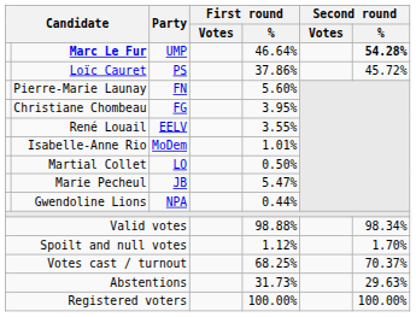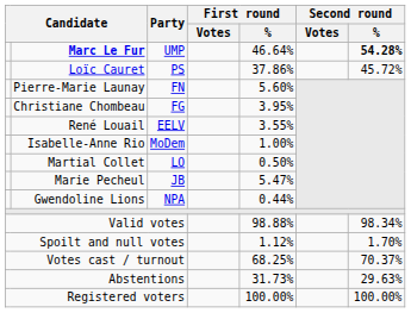 <table class="wikitable" style="text-align:right;font-size:95%;">
 <tr>
 <th rowspan=2 colspan=2>Candidate</th>
 <th rowspan=2 colspan=1>Party</th>
 <th colspan=2>First round</th>
 <th colspan=2>Second round</th>
 </tr>
 <tr>
 <th style="width:50px;">Votes</th>
 <th style="width:55px;">%</th>
 <th style="width:50px;">Votes</th>
 <th style="width:55px;">%</th>
 </tr>
 <tr>
 <td style="color:inherit;background-color:"></td>
 <td><strong><a href='#'>Marc Le Fur</a></strong></td>
 <td><a href='#'>UMP</a></td>
 <td></td>
 <td>46.64%</td>
 <td><strong></strong></td>
 <td><strong>54.28%</strong></td>
 </tr>
 <tr>
 <td style="color:inherit;background-color:"></td>
 <td><a href='#'>Loïc Cauret</a></td>
 <td><a href='#'>PS</a></td>
 <td></td>
 <td>37.86%</td>
 <td></td>
 <td>45.72%</td>
 </tr>
 <tr>
 <td style="color:inherit;background-color:"></td>
 <td>Pierre-Marie Launay</td>
 <td><a href='#'>FN</a></td>
 <td></td>
 <td>5.60%</td>
 <td colspan=7 rowspan=7 style="background-color:#E9E9E9;"></td>
 </tr>
 <tr>
 <td style="color:inherit;background-color:"></td>
 <td>Christiane Chombeau</td>
 <td><a href='#'>FG</a></td>
 <td></td>
 <td>3.95%</td>
 </tr>
 <tr>
 <td style="color:inherit;background-color:"></td>
 <td>René Louail</td>
 <td><a href='#'>EELV</a></td>
 <td></td>
 <td>3.55%</td>
 </tr>
 <tr>
 <td style="color:inherit;background-color:"></td>
 <td>Isabelle-Anne Rio</td>
 <td><a href='#'>MoDem</a></td>
 <td></td>
-<td>1.01%</td>
+<td>1.00%</td>
 </tr>
 <tr>
 <td style="color:inherit;background-color:"></td>
 <td>Martial Collet</td>
 <td><a href='#'>LO</a></td>
 <td></td>
 <td>0.50%</td>
 </tr>
 <tr>
 <td style="color:inherit;background-color:"></td>
 <td>Marie Pecheul</td>
 <td><a href='#'>JB</a> </td>
 <td></td>
 <td>5.47%</td>
 </tr>
 <tr>
 <td style="color:inherit;background-color:"></td>
 <td>Gwendoline Lions</td>
 <td><a href='#'>NPA</a></td>
 <td></td>
 <td>0.44%</td>
 </tr>
 <tr>
 <td colspan=7 style="background-color:#E9E9E9;"></td>
 </tr>
 <tr>
 <td colspan=3>Valid votes</td>
 <td></td>
 <td>98.88%</td>
 <td></td>
 <td>98.34%</td>
 </tr>
 <tr>
 <td colspan=3>Spoilt and null votes</td>
 <td></td>
 <td>1.12%</td>
 <td></td>
 <td>1.70%</td>
 </tr>
 <tr>
 <td colspan=3>Votes cast / turnout</td>
 <td></td>
 <td>68.25%</td>
 <td></td>
 <td>70.37%</td>
 </tr>
 <tr>
 <td colspan=3>Abstentions</td>
 <td></td>
 <td>31.73%</td>
 <td></td>
 <td>29.63%</td>
 </tr>
 <tr>
 <td colspan=3>Registered voters</td>
 <td></td>
 <td>100.00%</td>
 <td></td>
 <td>100.00%</td>
 </tr>
 </table>
